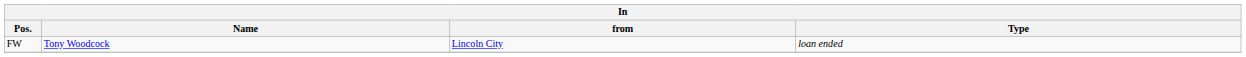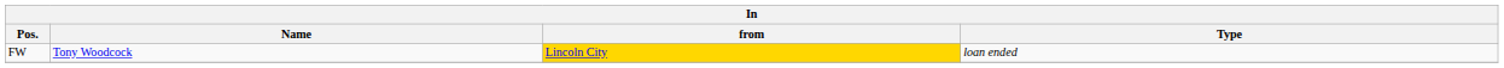 <table class="wikitable" style="font-size:100%;width:99%;">
 <tr>
 <th colspan="4">In</th>
 </tr>
 <tr>
 <th width=3%>Pos.</th>
 <th width=33%>Name</th>
 <th width=28%>from</th>
 <th width=36%>Type</th>
 </tr>
 <tr>
 <td>FW</td>
 <td><a href='#'>Tony Woodcock</a></td>
-<td><a href='#'>Lincoln City</a></td>
+<td style="background: gold;"><a href='#'>Lincoln City</a></td>
 <td><em>loan ended</em></td>
 </tr>
 <tr>
 </tr>
 </table>
